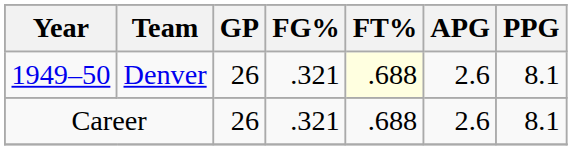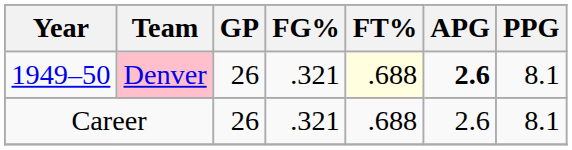 <table class="wikitable sortable" style="font-size:95%; text-align:right;">
 <tr>
 <th>Year</th>
 <th>Team</th>
 <th>GP</th>
 <th>FG%</th>
 <th>FT%</th>
 <th>APG</th>
 <th>PPG</th>
 </tr>
 <tr>
 <td style="text-align:left;"><a href='#'>1949–50</a></td>
-<td style="text-align:left;"><a href='#'>Denver</a></td>
+<td style="background: pink; text-align:left;"><a href='#'>Denver</a></td>
 <td>26</td>
 <td>.321</td>
 <td style="background: lightyellow;">.688</td>
-<td>2.6</td>
+<td><strong>2.6</strong></td>
 <td>8.1</td>
 </tr>
 <tr>
 <td style="text-align:center;" colspan="2">Career</td>
 <td>26</td>
 <td>.321</td>
 <td>.688</td>
 <td>2.6</td>
 <td>8.1</td>
 </tr>
 <tr>
 </tr>
 </table>
